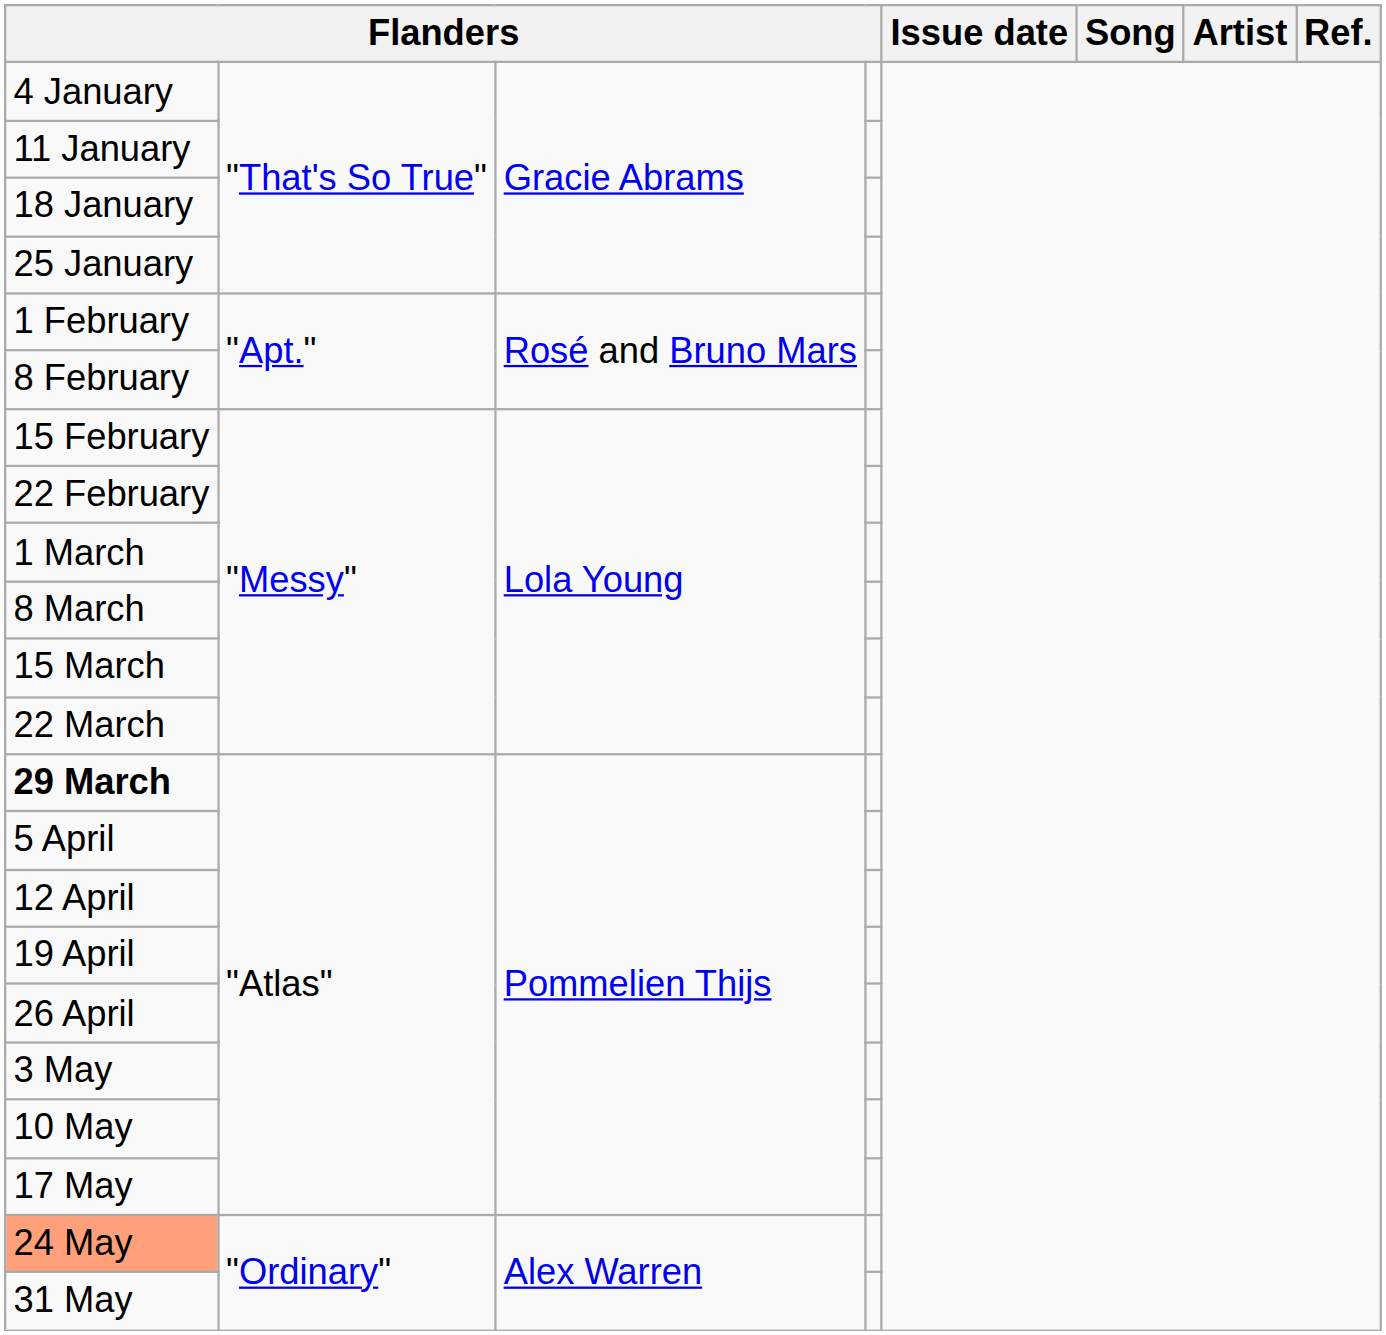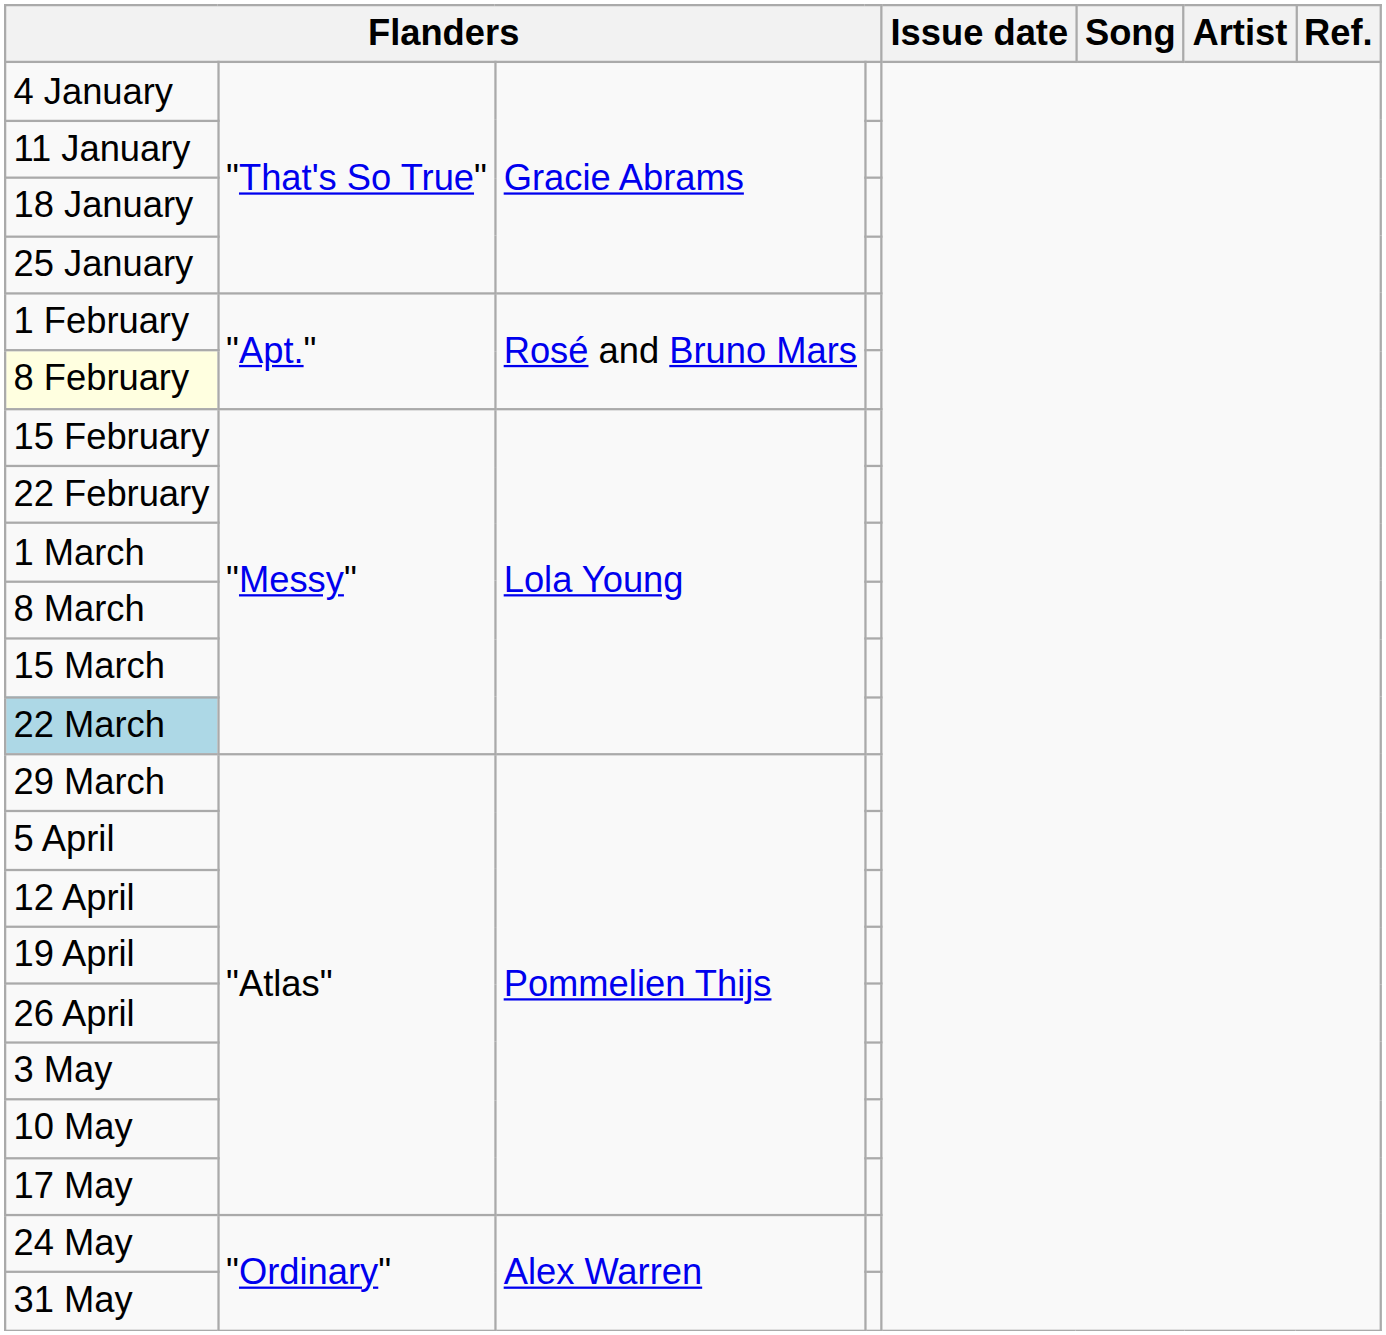 <table class="wikitable">
 <tr>
 <th colspan="4">Flanders</th>
 <th scope="col">Issue date</th>
 <th scope="col">Song</th>
 <th scope="col">Artist</th>
 <th scope="col">Ref.</th>
 </tr>
 <tr>
 <td>4 January</td>
 <td rowspan="4">"<a href='#'>That's So True</a>"</td>
 <td rowspan="4"><a href='#'>Gracie Abrams</a></td>
 <td></td>
 </tr>
 <tr>
 <td>11 January</td>
 <td></td>
 </tr>
 <tr>
 <td>18 January</td>
 <td></td>
 </tr>
 <tr>
 <td>25 January</td>
 <td></td>
 </tr>
 <tr>
 <td>1 February</td>
 <td rowspan="2">"<a href='#'>Apt.</a>"</td>
 <td rowspan="2"><a href='#'>Rosé</a> and <a href='#'>Bruno Mars</a></td>
 <td></td>
 </tr>
 <tr>
-<td>8 February</td>
+<td style="background: lightyellow;">8 February</td>
 <td></td>
 </tr>
 <tr>
 <td>15 February</td>
 <td rowspan="6">"<a href='#'>Messy</a>"</td>
 <td rowspan="6"><a href='#'>Lola Young</a></td>
 <td></td>
 </tr>
 <tr>
 <td>22 February</td>
 <td></td>
 </tr>
 <tr>
 <td>1 March</td>
 <td></td>
 </tr>
 <tr>
 <td>8 March</td>
 <td></td>
 </tr>
 <tr>
 <td>15 March</td>
 <td></td>
 </tr>
 <tr>
-<td>22 March</td>
+<td style="background: lightblue;">22 March</td>
 <td></td>
 </tr>
 <tr>
-<td><strong>29 March</strong></td>
+<td>29 March</td>
 <td rowspan="8">"Atlas"</td>
 <td rowspan="8"><a href='#'>Pommelien Thijs</a></td>
 <td></td>
 </tr>
 <tr>
 <td>5 April</td>
 <td></td>
 </tr>
 <tr>
 <td>12 April</td>
 <td></td>
 </tr>
 <tr>
 <td>19 April</td>
 <td></td>
 </tr>
 <tr>
 <td>26 April</td>
 <td></td>
 </tr>
 <tr>
 <td>3 May</td>
 <td></td>
 </tr>
 <tr>
 <td>10 May</td>
 <td></td>
 </tr>
 <tr>
 <td>17 May</td>
 <td></td>
 </tr>
 <tr>
-<td style="background: lightsalmon;">24 May</td>
+<td>24 May</td>
 <td rowspan="2">"<a href='#'>Ordinary</a>"</td>
 <td rowspan="2"><a href='#'>Alex Warren</a></td>
 <td></td>
 </tr>
 <tr>
 <td>31 May</td>
 <td></td>
 </tr>
 </table>
